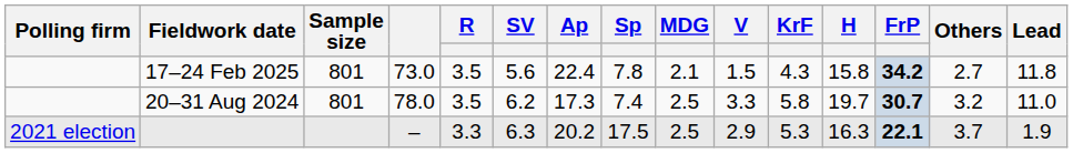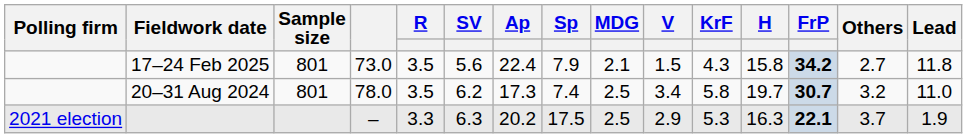 <table class="wikitable sortable mw-datatable" style="text-align:center;font-size:90%;line-height:14px;">
 <tr>
 <th rowspan="2">Polling firm</th>
 <th rowspan="2">Fieldwork date</th>
 <th rowspan="2">Sample<br>size</th>
 <th rowspan="2"></th>
 <th class="unsortable" style="width:30px;"><a href='#'>R</a></th>
 <th class="unsortable" style="width:30px;"><a href='#'>SV</a></th>
 <th class="unsortable" style="width:30px;"><a href='#'>Ap</a></th>
 <th class="unsortable" style="width:30px;"><a href='#'>Sp</a></th>
 <th class="unsortable" style="width:30px;"><a href='#'>MDG</a></th>
 <th class="unsortable" style="width:30px;"><a href='#'>V</a></th>
 <th class="unsortable" style="width:30px;"><a href='#'>KrF</a></th>
 <th class="unsortable" style="width:30px;"><a href='#'>H</a></th>
 <th class="unsortable" style="width:30px;"><a href='#'>FrP</a></th>
 <th rowspan="2" class="unsortable" style="width:30px;">Others</th>
 <th rowspan="2">Lead</th>
 </tr>
 <tr>
 <th style="background:"></th>
 <th style="background:"></th>
 <th style="background:"></th>
 <th style="background:"></th>
 <th style="background:"></th>
 <th style="background:"></th>
 <th style="background:"></th>
 <th style="background:"></th>
 <th style="background:"></th>
 </tr>
 <tr>
 <td></td>
 <td>17–24 Feb 2025</td>
 <td>801</td>
 <td>73.0</td>
 <td>3.5</td>
 <td>5.6</td>
 <td>22.4</td>
-<td>7.8</td>
+<td>7.9</td>
 <td>2.1</td>
 <td>1.5</td>
 <td>4.3</td>
 <td>15.8</td>
 <td style="background:#ccdae8;"><strong>34.2</strong></td>
 <td>2.7</td>
 <td style="background:">11.8</td>
 </tr>
 <tr>
 <td></td>
 <td>20–31 Aug 2024</td>
 <td>801</td>
 <td>78.0</td>
 <td>3.5</td>
 <td>6.2</td>
 <td>17.3</td>
 <td>7.4</td>
 <td>2.5</td>
-<td>3.3</td>
+<td>3.4</td>
 <td>5.8</td>
 <td>19.7</td>
 <td style="background:#ccdae8;"><strong>30.7</strong></td>
 <td>3.2</td>
 <td style="background:">11.0</td>
 </tr>
 <tr style="background:#E9E9E9;">
 <td><a href='#'>2021 election</a></td>
 <td></td>
 <td></td>
 <td>–</td>
 <td>3.3</td>
 <td>6.3</td>
 <td>20.2</td>
 <td>17.5</td>
 <td>2.5</td>
 <td>2.9</td>
 <td>5.3</td>
 <td>16.3</td>
 <td style="background:#ccdae8;"><strong>22.1</strong></td>
 <td>3.7</td>
 <td style="background:">1.9</td>
 </tr>
 </table>
